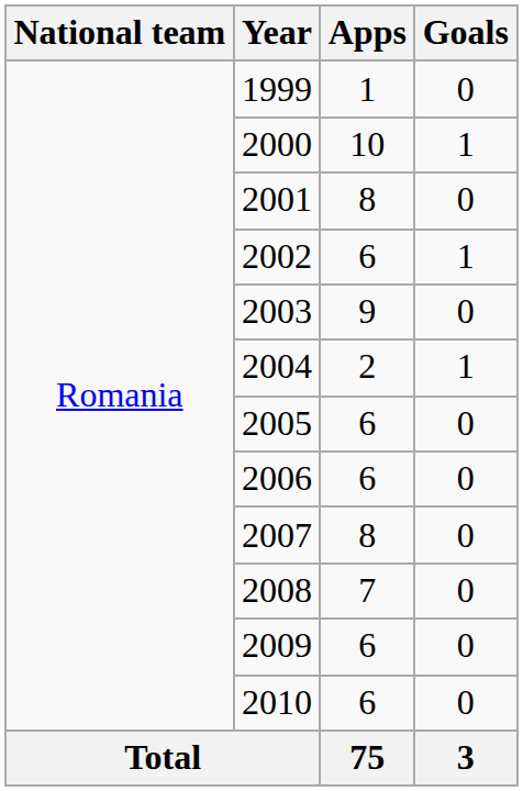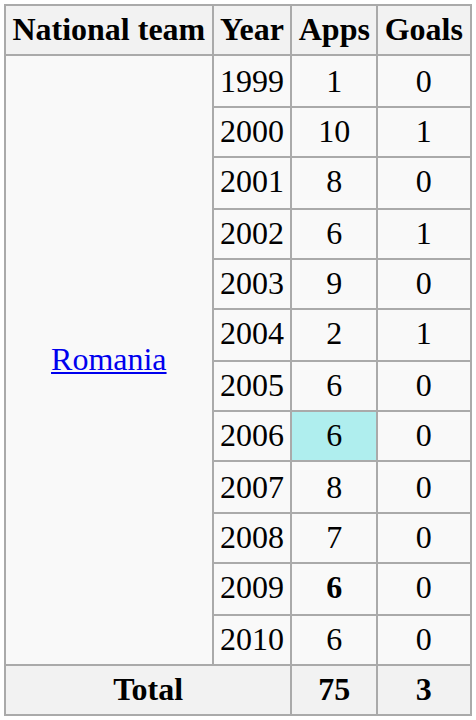 <table class="wikitable" style="text-align:center">
 <tr>
 <th>National team</th>
 <th>Year</th>
 <th>Apps</th>
 <th>Goals</th>
 </tr>
 <tr>
 <td rowspan="12"><a href='#'>Romania</a></td>
 <td>1999</td>
 <td>1</td>
 <td>0</td>
 </tr>
 <tr>
 <td>2000</td>
 <td>10</td>
 <td>1</td>
 </tr>
 <tr>
 <td>2001</td>
 <td>8</td>
 <td>0</td>
 </tr>
 <tr>
 <td>2002</td>
 <td>6</td>
 <td>1</td>
 </tr>
 <tr>
 <td>2003</td>
 <td>9</td>
 <td>0</td>
 </tr>
 <tr>
 <td>2004</td>
 <td>2</td>
 <td>1</td>
 </tr>
 <tr>
 <td>2005</td>
 <td>6</td>
 <td>0</td>
 </tr>
 <tr>
 <td>2006</td>
-<td>6</td>
+<td style="background: paleturquoise;">6</td>
 <td>0</td>
 </tr>
 <tr>
 <td>2007</td>
 <td>8</td>
 <td>0</td>
 </tr>
 <tr>
 <td>2008</td>
 <td>7</td>
 <td>0</td>
 </tr>
 <tr>
 <td>2009</td>
-<td>6</td>
+<td><strong>6</strong></td>
 <td>0</td>
 </tr>
 <tr>
 <td>2010</td>
 <td>6</td>
 <td>0</td>
 </tr>
 <tr>
 <th colspan="2">Total</th>
 <th>75</th>
 <th>3</th>
 </tr>
 </table>
